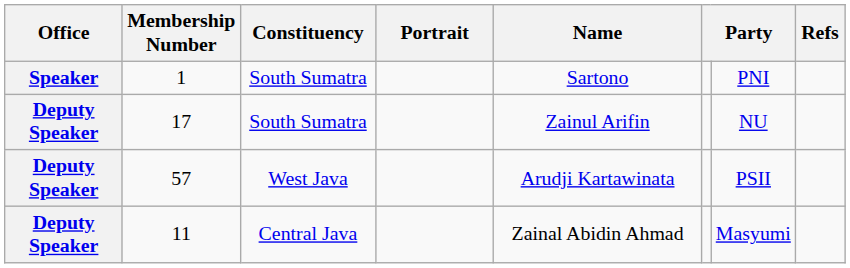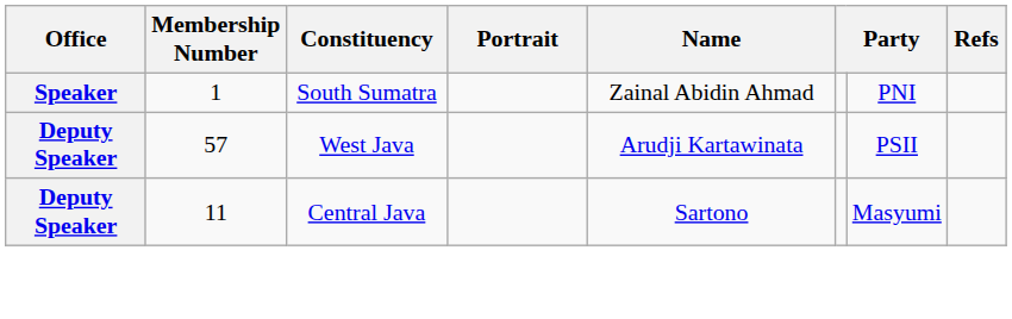 <table class="wikitable sortable" style="text-align:center; font-size: 0.9em;">
 <tr>
 <th width="100">Office</th>
 <th width="30">Membership Number</th>
 <th width="100">Constituency</th>
 <th width="100">Portrait</th>
 <th width="200">Name</th>
 <th width="100" colspan="2">Party</th>
 <th width="30">Refs</th>
 </tr>
 <tr>
 <th scope="row"><a href='#'>Speaker</a></th>
 <td>1</td>
 <td rowspan="1"><a href='#'>South Sumatra</a></td>
 <td></td>
-<td><a href='#'>Sartono</a></td>
+<td>Zainal Abidin Ahmad</td>
 <td></td>
 <td><a href='#'>PNI</a></td>
-<td></td>
-</tr>
-<tr>
-<th scope="row"><a href='#'>Deputy Speaker</a></th>
-<td>17</td>
-<td rowspan="1"><a href='#'>South Sumatra</a></td>
-<td></td>
-<td><a href='#'>Zainul Arifin</a></td>
-<td></td>
-<td><a href='#'>NU</a></td>
 <td></td>
 </tr>
 <tr>
 <th scope="row"><a href='#'>Deputy Speaker</a></th>
 <td>57</td>
 <td rowspan="1"><a href='#'>West Java</a></td>
 <td></td>
 <td><a href='#'>Arudji Kartawinata</a></td>
 <td></td>
 <td><a href='#'>PSII</a></td>
 <td></td>
 </tr>
 <tr>
 <th scope="row"><a href='#'>Deputy Speaker</a></th>
 <td>11</td>
 <td rowspan="1"><a href='#'>Central Java</a></td>
 <td></td>
-<td>Zainal Abidin Ahmad</td>
+<td><a href='#'>Sartono</a></td>
 <td></td>
 <td><a href='#'>Masyumi</a></td>
 <td></td>
 </tr>
 </table>
